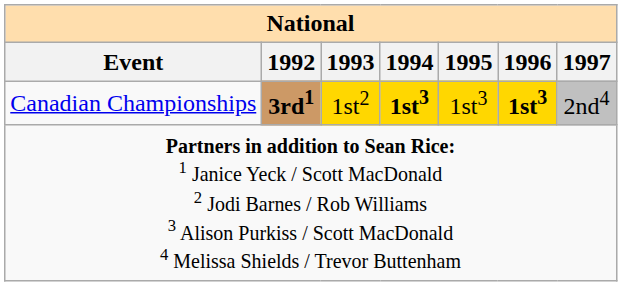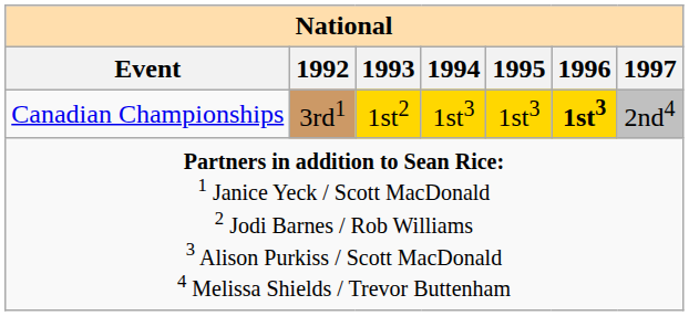 <table class="wikitable" style="text-align:center">
 <tr>
 <th style="background-color: #ffdead; " colspan=7 align=center>National</th>
 </tr>
 <tr>
 <th>Event</th>
 <th>1992</th>
 <th>1993</th>
 <th>1994</th>
 <th>1995</th>
 <th>1996</th>
 <th>1997</th>
 </tr>
 <tr>
 <td align=left><a href='#'>Canadian Championships</a></td>
-<td bgcolor=cc9966><strong>3rd<sup>1</sup></strong></td>
+<td bgcolor=cc9966>3rd<sup>1</sup></td>
 <td bgcolor=gold>1st<sup>2</sup></td>
-<td bgcolor=gold><strong>1st<sup>3</sup></strong></td>
+<td bgcolor=gold>1st<sup>3</sup></td>
 <td bgcolor=gold>1st<sup>3</sup></td>
 <td bgcolor=gold><strong>1st<sup>3</sup></strong></td>
 <td bgcolor=silver>2nd<sup>4</sup></td>
 </tr>
 <tr>
 <td colspan=7 align=center><small> <strong>Partners in addition to Sean Rice:</strong> <br> <sup>1</sup> Janice Yeck / Scott MacDonald <br> <sup>2</sup> Jodi Barnes / Rob Williams <br> <sup>3</sup> Alison Purkiss / Scott MacDonald <br> <sup>4</sup> Melissa Shields / Trevor Buttenham </small></td>
 </tr>
 </table>
